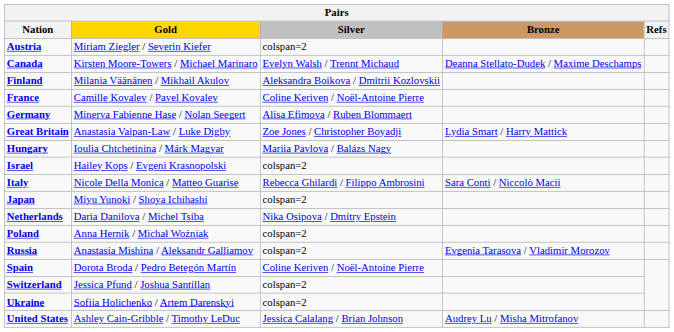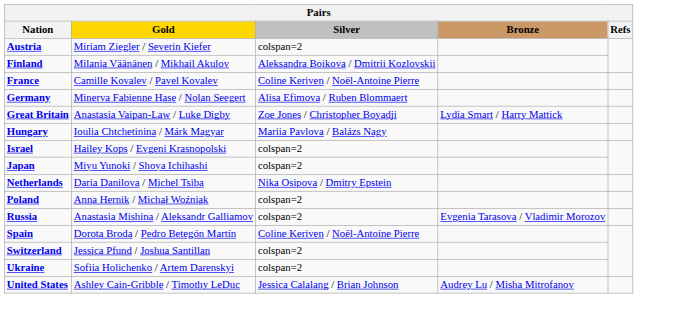 <table class="wikitable">
 <tr>
 <th colspan=5>Pairs</th>
 </tr>
 <tr>
 <th>Nation</th>
 <td style="text-align:center; background:gold;"><strong>Gold</strong></td>
 <td style="text-align:center; background:silver;"><strong>Silver</strong></td>
 <td style="text-align:center; background:#c96;"><strong>Bronze</strong></td>
 <th>Refs</th>
 </tr>
 <tr>
 <td><strong> <a href='#'>Austria</a></strong></td>
 <td><a href='#'>Miriam Ziegler</a> / <a href='#'>Severin Kiefer</a></td>
 <td>colspan=2 </td>
-<td></td>
-</tr>
-<tr>
-<td><strong> <a href='#'>Canada</a></strong></td>
-<td><a href='#'>Kirsten Moore-Towers</a> / <a href='#'>Michael Marinaro</a></td>
-<td><a href='#'>Evelyn Walsh</a> / <a href='#'>Trennt Michaud</a></td>
-<td><a href='#'>Deanna Stellato-Dudek</a> / <a href='#'>Maxime Deschamps</a></td>
 <td></td>
 </tr>
 <tr>
 <td><strong> <a href='#'>Finland</a></strong></td>
 <td><a href='#'>Milania Väänänen</a> / <a href='#'>Mikhail Akulov</a></td>
 <td><a href='#'>Aleksandra Boikova</a> / <a href='#'>Dmitrii Kozlovskii</a></td>
 <td></td>
 </tr>
 <tr>
 <td><strong> <a href='#'>France</a></strong></td>
 <td><a href='#'>Camille Kovalev</a> / <a href='#'>Pavel Kovalev</a></td>
 <td><a href='#'>Coline Keriven</a> / <a href='#'>Noël-Antoine Pierre</a></td>
 <td></td>
 <td></td>
 </tr>
 <tr>
 <td><strong> <a href='#'>Germany</a></strong></td>
 <td><a href='#'>Minerva Fabienne Hase</a> / <a href='#'>Nolan Seegert</a></td>
 <td><a href='#'>Alisa Efimova</a> / <a href='#'>Ruben Blommaert</a></td>
 <td></td>
 <td></td>
 </tr>
 <tr>
 <td><strong> <a href='#'>Great Britain</a></strong></td>
 <td><a href='#'>Anastasia Vaipan-Law</a> / <a href='#'>Luke Digby</a></td>
 <td><a href='#'>Zoe Jones</a> / <a href='#'>Christopher Boyadji</a></td>
 <td><a href='#'>Lydia Smart</a> / <a href='#'>Harry Mattick</a></td>
 <td></td>
 </tr>
 <tr>
 <td><strong> <a href='#'>Hungary</a></strong></td>
 <td><a href='#'>Ioulia Chtchetinina</a> / <a href='#'>Márk Magyar</a></td>
 <td><a href='#'>Mariia Pavlova</a> / <a href='#'>Balázs Nagy</a></td>
 <td></td>
 <td></td>
 </tr>
 <tr>
 <td><strong> <a href='#'>Israel</a></strong></td>
 <td><a href='#'>Hailey Kops</a> / <a href='#'>Evgeni Krasnopolski</a></td>
 <td>colspan=2 </td>
-<td></td>
-</tr>
-<tr>
-<td><strong> <a href='#'>Italy</a></strong></td>
-<td><a href='#'>Nicole Della Monica</a> / <a href='#'>Matteo Guarise</a></td>
-<td><a href='#'>Rebecca Ghilardi</a> / <a href='#'>Filippo Ambrosini</a></td>
-<td><a href='#'>Sara Conti</a> / <a href='#'>Niccolò Macii</a></td>
 <td></td>
 </tr>
 <tr>
 <td><strong> <a href='#'>Japan</a></strong></td>
 <td><a href='#'>Miyu Yunoki</a> / <a href='#'>Shoya Ichihashi</a></td>
 <td>colspan=2 </td>
 <td></td>
 </tr>
 <tr>
 <td><strong> <a href='#'>Netherlands</a></strong></td>
 <td><a href='#'>Daria Danilova</a> / <a href='#'>Michel Tsiba</a></td>
 <td><a href='#'>Nika Osipova</a> / <a href='#'>Dmitry Epstein</a></td>
 <td></td>
 <td></td>
 </tr>
 <tr>
 <td><strong> <a href='#'>Poland</a></strong></td>
 <td><a href='#'>Anna Hernik</a> / <a href='#'>Michał Woźniak</a></td>
 <td>colspan=2 </td>
 <td></td>
 </tr>
 <tr>
 <td><strong> <a href='#'>Russia</a></strong></td>
 <td><a href='#'>Anastasia Mishina</a> / <a href='#'>Aleksandr Galliamov</a></td>
 <td>colspan=2 </td>
 <td><a href='#'>Evgenia Tarasova</a> / <a href='#'>Vladimir Morozov</a></td>
 <td></td>
 </tr>
 <tr>
 <td><strong> <a href='#'>Spain</a></strong></td>
 <td><a href='#'>Dorota Broda</a> / <a href='#'>Pedro Betegón Martín</a></td>
 <td><a href='#'>Coline Keriven</a> / <a href='#'>Noël-Antoine Pierre</a></td>
 <td></td>
 </tr>
 <tr>
 <td><strong> <a href='#'>Switzerland</a></strong></td>
 <td><a href='#'>Jessica Pfund</a> / <a href='#'>Joshua Santillan</a></td>
 <td>colspan=2 </td>
 <td></td>
 </tr>
 <tr>
 <td><strong> <a href='#'>Ukraine</a></strong></td>
 <td><a href='#'>Sofiia Holichenko</a> / <a href='#'>Artem Darenskyi</a></td>
 <td>colspan=2 </td>
 <td></td>
 </tr>
 <tr>
 <td><strong> <a href='#'>United States</a></strong></td>
 <td><a href='#'>Ashley Cain-Gribble</a> / <a href='#'>Timothy LeDuc</a></td>
 <td><a href='#'>Jessica Calalang</a> / <a href='#'>Brian Johnson</a></td>
 <td><a href='#'>Audrey Lu</a> / <a href='#'>Misha Mitrofanov</a></td>
 <td></td>
 </tr>
 </table>
